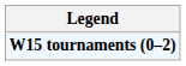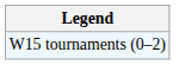 <table class="wikitable" style="font-size:85%">
 <tr>
 <th>Legend</th>
 </tr>
 <tr style="background:#f0f8ff;">
-<td><strong>W15 tournaments (0–2)</strong></td>
+<td>W15 tournaments (0–2)</td>
 </tr>
 </table>
